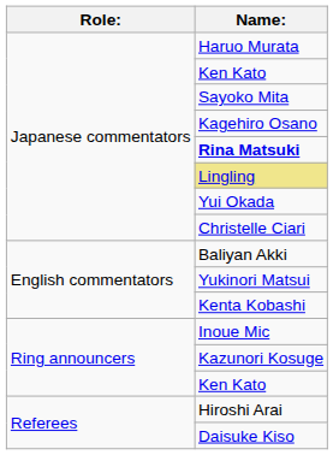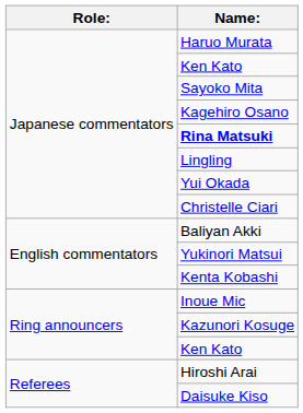 <table class=wikitable style="font-size:90%; margin: 0.5em 0 0.5em 1em; float: right; clear: right;">
 <tr>
 <th>Role:</th>
 <th>Name:</th>
 </tr>
 <tr>
 <td rowspan=8>Japanese commentators</td>
 <td><a href='#'>Haruo Murata</a> </td>
 </tr>
 <tr>
 <td><a href='#'>Ken Kato</a> </td>
 </tr>
 <tr>
 <td><a href='#'>Sayoko Mita</a> </td>
 </tr>
 <tr>
 <td><a href='#'>Kagehiro Osano</a> </td>
 </tr>
 <tr>
 <td><strong><a href='#'>Rina Matsuki</a> </strong></td>
 </tr>
 <tr>
-<td style="background: khaki;"><a href='#'>Lingling</a> </td>
+<td><a href='#'>Lingling</a> </td>
 </tr>
 <tr>
 <td><a href='#'>Yui Okada</a> </td>
 </tr>
 <tr>
 <td><a href='#'>Christelle Ciari</a></td>
 </tr>
 <tr>
 <td rowspan=3>English commentators</td>
 <td>Baliyan Akki</td>
 </tr>
 <tr>
 <td><a href='#'>Yukinori Matsui</a></td>
 </tr>
 <tr>
 <td><a href='#'>Kenta Kobashi</a> </td>
 </tr>
 <tr>
 <td rowspan=3><a href='#'>Ring announcers</a></td>
 <td><a href='#'>Inoue Mic</a></td>
 </tr>
 <tr>
 <td><a href='#'>Kazunori Kosuge</a></td>
 </tr>
 <tr>
 <td><a href='#'>Ken Kato</a></td>
 </tr>
 <tr>
 <td rowspan=2><a href='#'>Referees</a></td>
 <td>Hiroshi Arai</td>
 </tr>
 <tr>
 <td><a href='#'>Daisuke Kiso</a></td>
 </tr>
 </table>
